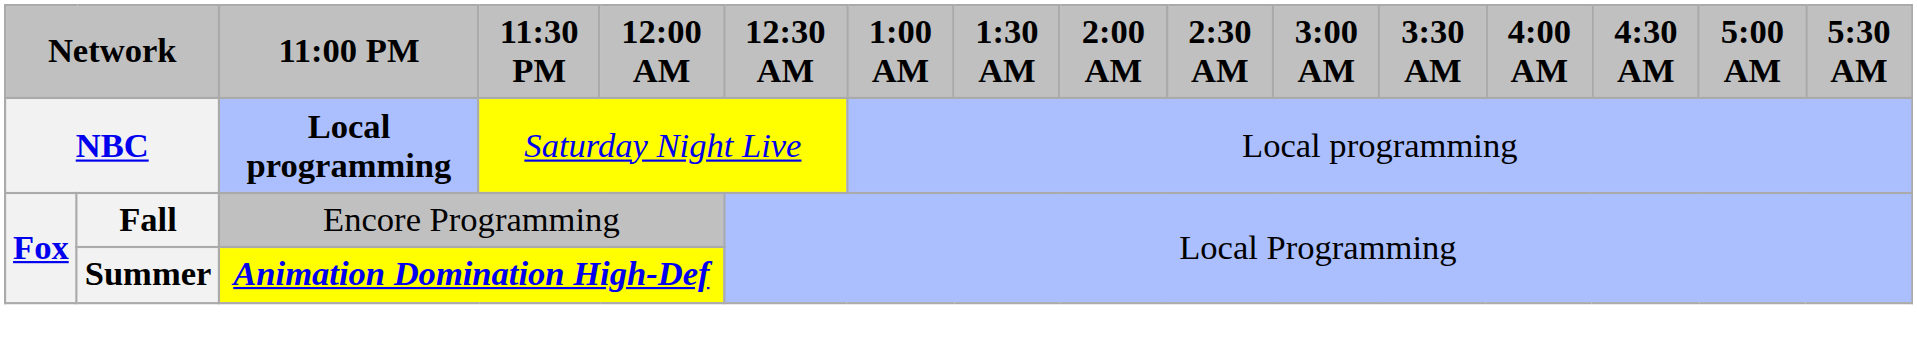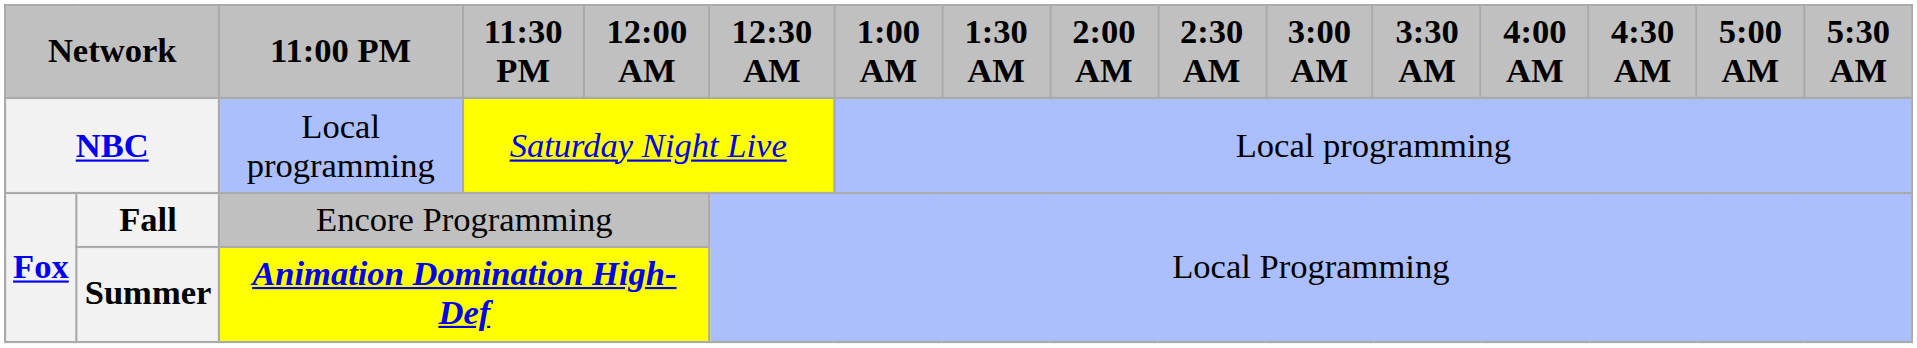 <table class="wikitable" style="width:100%;margin-right:0;text-align:center">
 <tr>
 <th style="background-color:#C0C0C0;text-align:center" colspan="2">Network</th>
 <th style="background-color:#C0C0C0;text-align:center">11:00 PM</th>
 <th style="background-color:#C0C0C0;text-align:center">11:30 PM</th>
 <th style="background-color:#C0C0C0;text-align:center">12:00 AM</th>
 <th style="background-color:#C0C0C0;text-align:center">12:30 AM</th>
 <th style="background-color:#C0C0C0;text-align:center">1:00 AM</th>
 <th style="background-color:#C0C0C0;text-align:center">1:30 AM</th>
 <th style="background-color:#C0C0C0;text-align:center">2:00 AM</th>
 <th style="background-color:#C0C0C0;text-align:center">2:30 AM</th>
 <th style="background-color:#C0C0C0;text-align:center">3:00 AM</th>
 <th style="background-color:#C0C0C0;text-align:center">3:30 AM</th>
 <th style="background-color:#C0C0C0;text-align:center">4:00 AM</th>
 <th style="background-color:#C0C0C0;text-align:center">4:30 AM</th>
 <th style="background-color:#C0C0C0;text-align:center">5:00 AM</th>
 <th style="background-color:#C0C0C0;text-align:center">5:30 AM</th>
 </tr>
 <tr>
 <th colspan="2"><a href='#'>NBC</a></th>
-<td style="background:#abbfff"><strong>Local programming</strong></td>
+<td style="background:#abbfff">Local programming</td>
 <td colspan="3" style="background:yellow"><em><a href='#'>Saturday Night Live</a></em></td>
 <td colspan="10" style="background:#abbfff">Local programming </td>
 </tr>
 <tr>
 <th rowspan="2"><a href='#'>Fox</a></th>
 <th>Fall</th>
 <td colspan="3" style="background:#C0C0C0">Encore Programming</td>
 <td colspan="11" rowspan="2" style="background:#abbfff">Local Programming</td>
 </tr>
 <tr>
 <th>Summer</th>
 <td colspan="3" style="background:yellow"><strong><em><a href='#'>Animation Domination High-Def</a></em></strong></td>
 </tr>
 </table>
